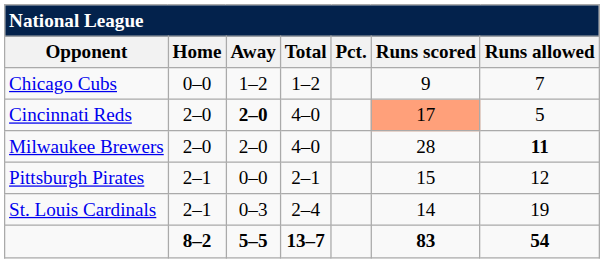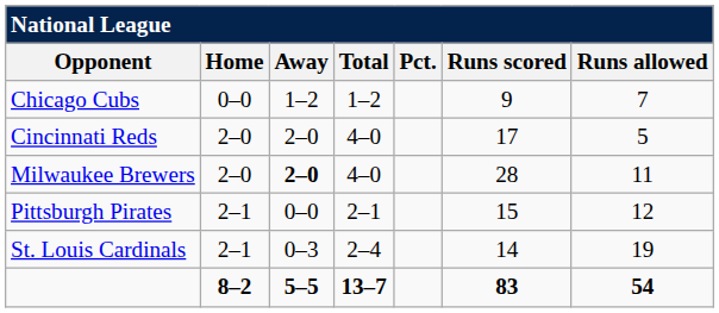 <table class="wikitable" style="font-size: 95%; text-align: center">
 <tr>
 <td colspan="7" style="text-align:left; background:#03224c;color:#fff"><strong>National League</strong></td>
 </tr>
 <tr>
 <th>Opponent</th>
 <th>Home</th>
 <th>Away</th>
 <th>Total</th>
 <th>Pct.</th>
 <th>Runs scored</th>
 <th>Runs allowed</th>
 </tr>
 <tr>
 <td style="text-align:left"><a href='#'>Chicago Cubs</a></td>
 <td>0–0</td>
 <td>1–2</td>
 <td>1–2</td>
 <td></td>
 <td>9</td>
 <td>7</td>
 </tr>
 <tr>
 <td style="text-align:left"><a href='#'>Cincinnati Reds</a></td>
 <td>2–0</td>
-<td><strong>2–0</strong></td>
+<td>2–0</td>
 <td>4–0</td>
 <td></td>
-<td style="background: lightsalmon;">17</td>
+<td>17</td>
 <td>5</td>
 </tr>
 <tr>
 <td style="text-align:left"><a href='#'>Milwaukee Brewers</a></td>
 <td>2–0</td>
-<td>2–0</td>
+<td><strong>2–0</strong></td>
 <td>4–0</td>
 <td></td>
 <td>28</td>
-<td><strong>11</strong></td>
+<td>11</td>
 </tr>
 <tr>
 <td style="text-align:left"><a href='#'>Pittsburgh Pirates</a></td>
 <td>2–1</td>
 <td>0–0</td>
 <td>2–1</td>
 <td></td>
 <td>15</td>
 <td>12</td>
 </tr>
 <tr>
 <td style="text-align:left"><a href='#'>St. Louis Cardinals</a></td>
 <td>2–1</td>
 <td>0–3</td>
 <td>2–4</td>
 <td></td>
 <td>14</td>
 <td>19</td>
 </tr>
 <tr style="font-weight:bold">
 <td></td>
 <td>8–2</td>
 <td>5–5</td>
 <td>13–7</td>
 <td></td>
 <td>83</td>
 <td>54</td>
 </tr>
 </table>
